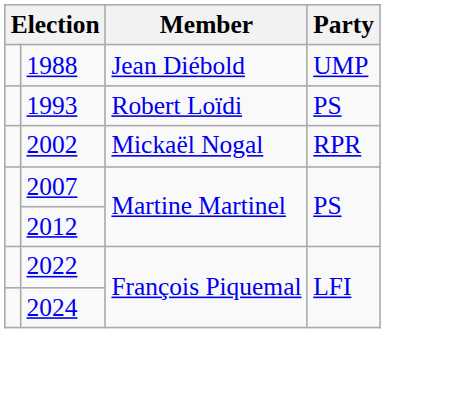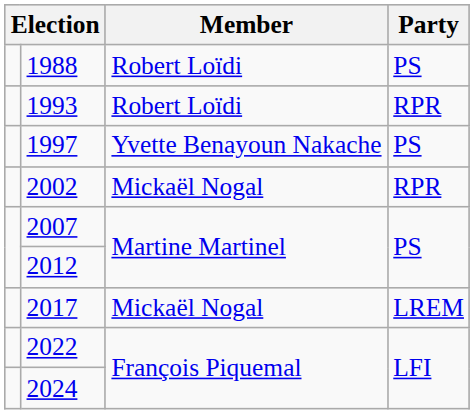 <table class="wikitable">
 <tr>
 <th colspan="2">Election</th>
 <th>Member</th>
 <th>Party</th>
 </tr>
 <tr>
 <td style="color:inherit;background-color:"></td>
 <td><a href='#'>1988</a></td>
-<td><a href='#'>Jean Diébold</a></td>
-<td><a href='#'>UMP</a></td>
+<td><a href='#'>Robert Loïdi</a></td>
+<td><a href='#'>PS</a></td>
 </tr>
 <tr>
 <td style="color:inherit;background-color:"></td>
 <td><a href='#'>1993</a></td>
 <td><a href='#'>Robert Loïdi</a></td>
+<td><a href='#'>RPR</a></td>
+</tr>
+<tr>
+<td style="color:inherit;background-color:"></td>
+<td><a href='#'>1997</a></td>
+<td><a href='#'>Yvette Benayoun Nakache</a></td>
 <td><a href='#'>PS</a></td>
 </tr>
 <tr>
 <td style="color:inherit;background-color:"></td>
 <td><a href='#'>2002</a></td>
 <td><a href='#'>Mickaël Nogal</a></td>
 <td><a href='#'>RPR</a></td>
 </tr>
 <tr>
 <td rowspan="2" style="color:inherit;background-color:"></td>
 <td><a href='#'>2007</a></td>
 <td rowspan="2"><a href='#'>Martine Martinel</a></td>
 <td rowspan="2"><a href='#'>PS</a></td>
 </tr>
 <tr>
 <td><a href='#'>2012</a></td>
 </tr>
 <tr>
 <td style="color:inherit;background-color: "></td>
+<td><a href='#'>2017</a></td>
+<td><a href='#'>Mickaël Nogal</a></td>
+<td><a href='#'>LREM</a></td>
+</tr>
+<tr>
+<td style="color:inherit;background-color: "></td>
 <td><a href='#'>2022</a></td>
 <td rowspan="2"><a href='#'>François Piquemal</a></td>
 <td rowspan="2"><a href='#'>LFI</a></td>
 </tr>
 <tr>
 <td style="color:inherit;background-color: "></td>
 <td><a href='#'>2024</a></td>
 </tr>
 </table>
